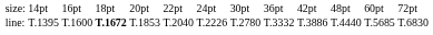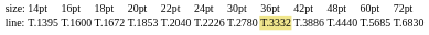 <table style="margin-left:40px;">
 <tr>
 <td>size:</td>
 <td>14pt</td>
 <td>16pt</td>
 <td>18pt</td>
 <td>20pt</td>
 <td>22pt</td>
 <td>24pt</td>
 <td>30pt</td>
 <td>36pt</td>
 <td>42pt</td>
 <td>48pt</td>
 <td>60pt</td>
 <td>72pt</td>
 </tr>
 <tr>
 <td>line:</td>
 <td>T.1395</td>
 <td>T.1600</td>
-<td><strong>T.1672</strong></td>
+<td>T.1672</td>
 <td>T.1853</td>
 <td>T.2040</td>
 <td>T.2226</td>
 <td>T.2780</td>
-<td>T.3332</td>
+<td style="background: khaki;">T.3332</td>
 <td>T.3886</td>
 <td>T.4440</td>
 <td>T.5685</td>
 <td>T.6830</td>
 </tr>
 </table>
